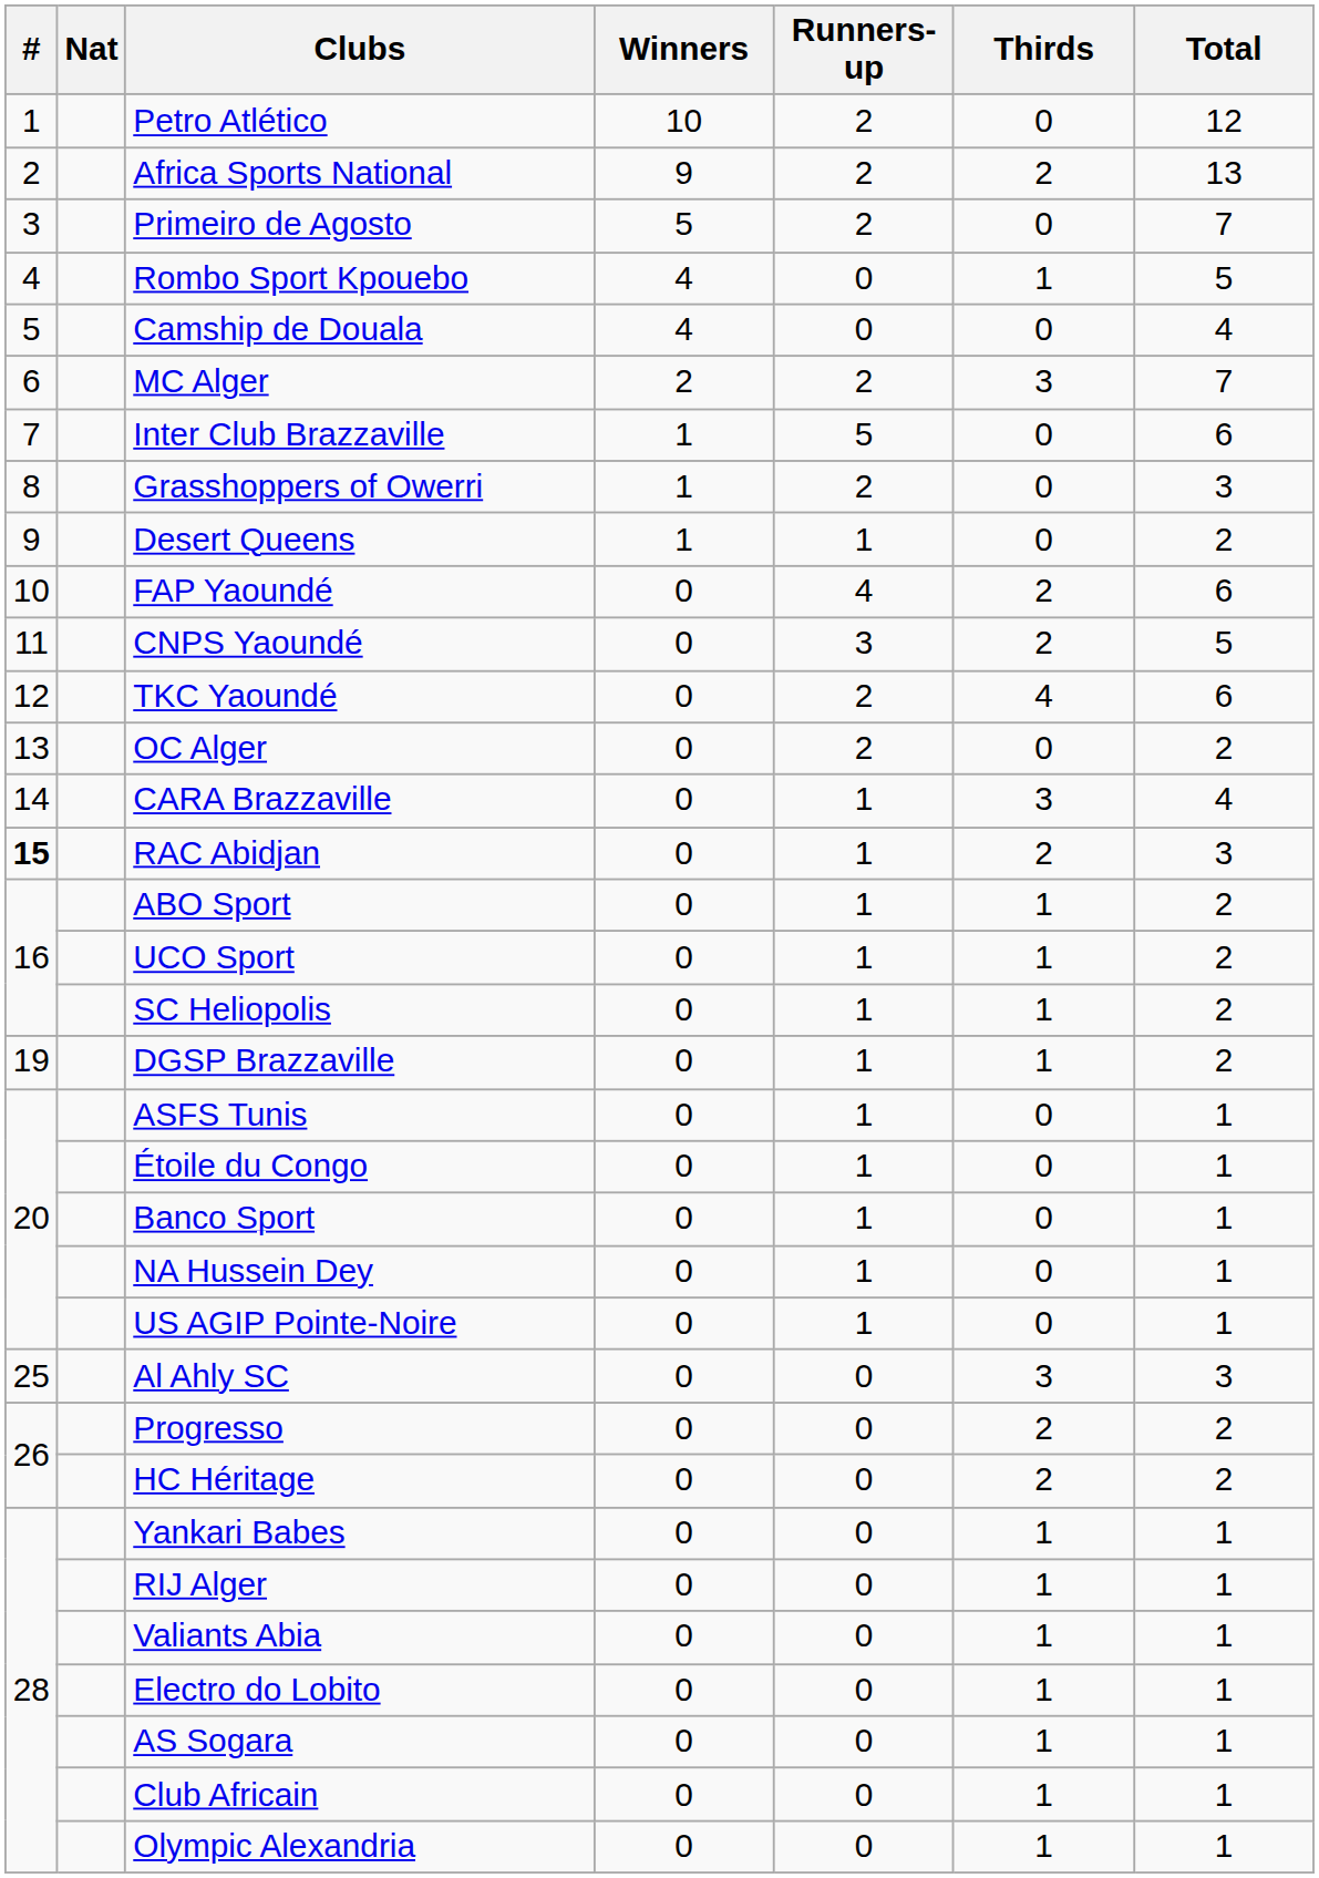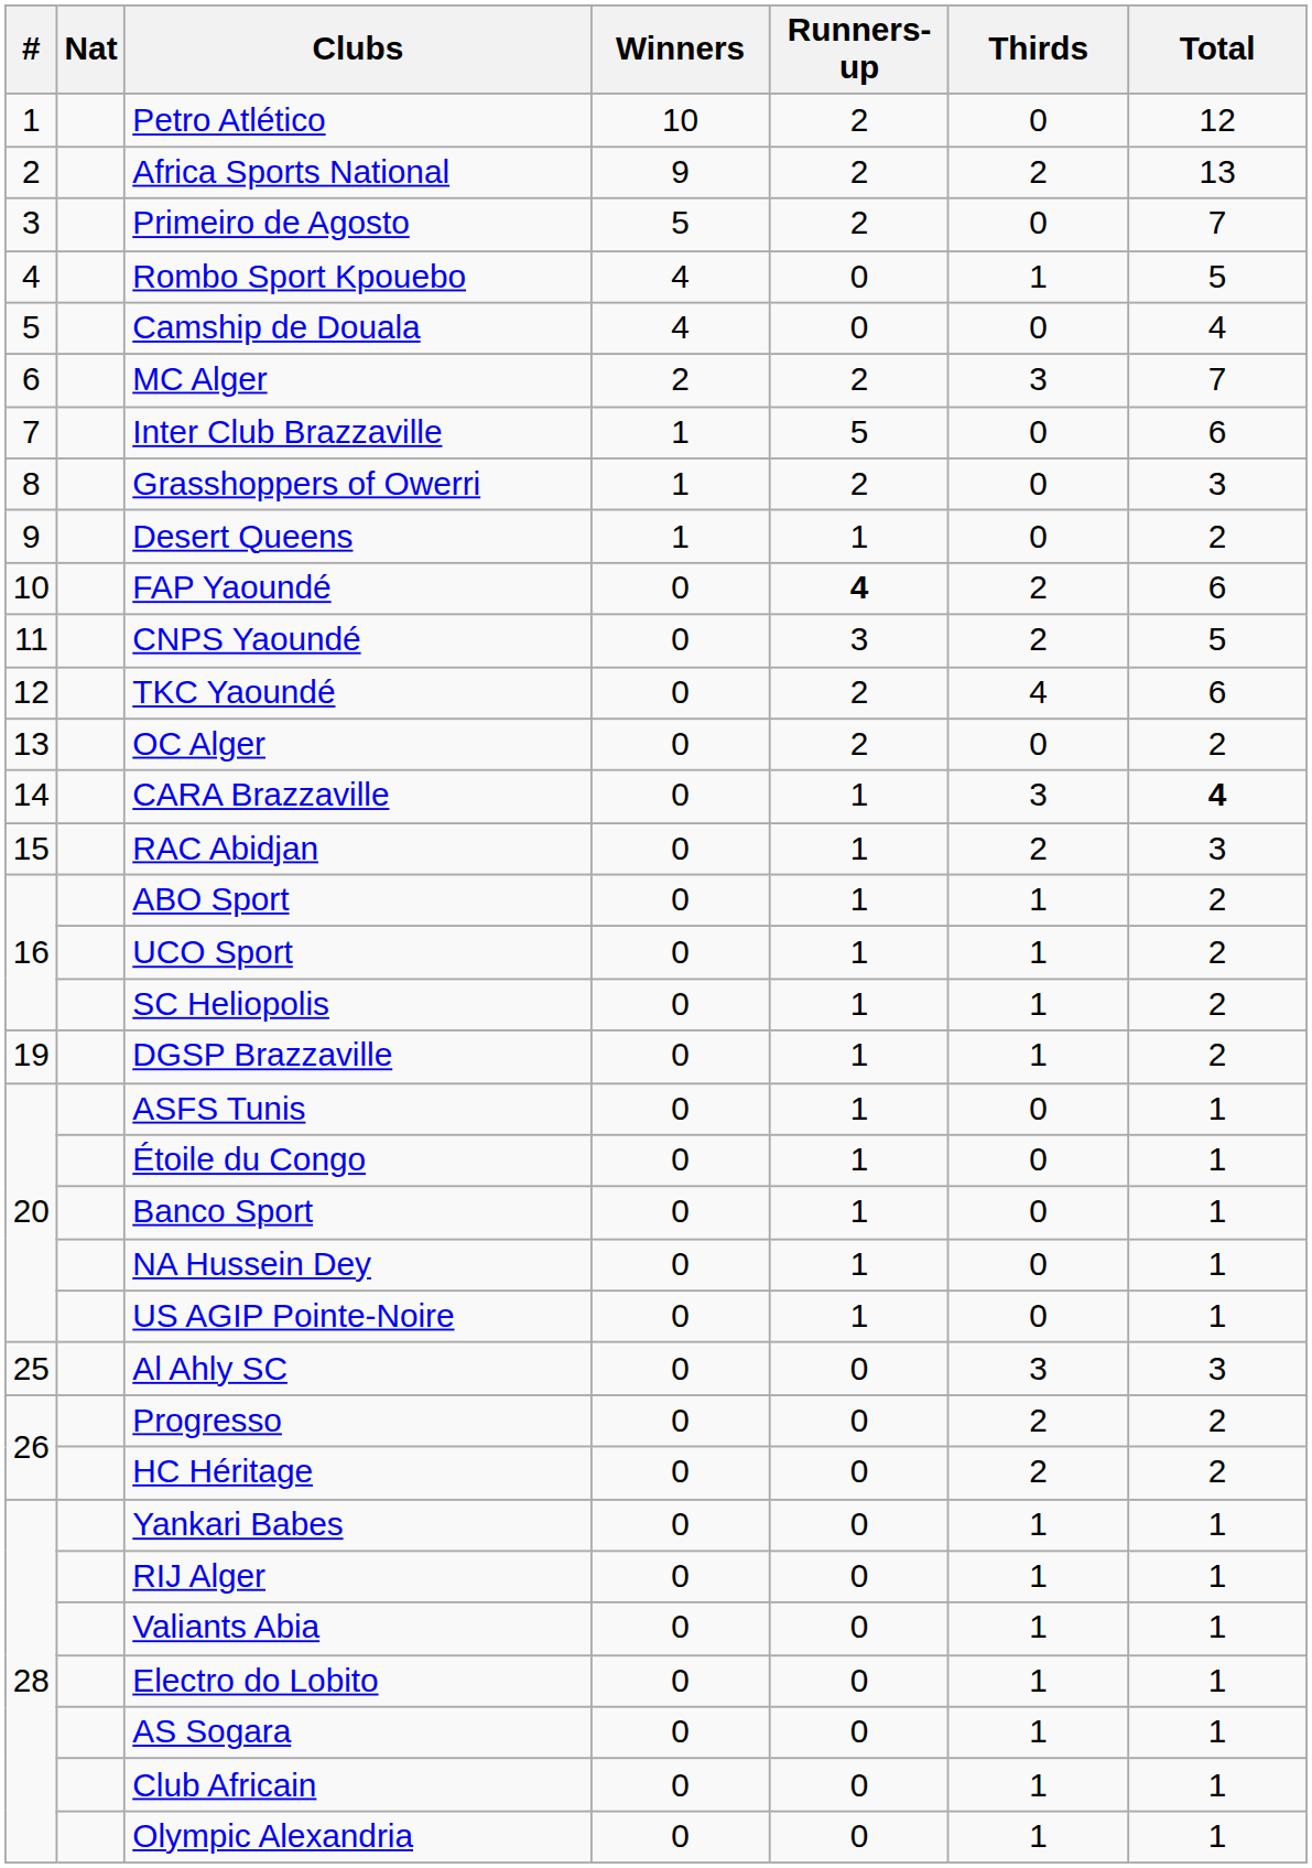 <table class="wikitable plainrowheaders sortable">
 <tr>
 <th width=10>#</th>
 <th width=20>Nat</th>
 <th width=220>Clubs</th>
 <th width=80>Winners</th>
 <th width=80>Runners-up</th>
 <th width=80>Thirds</th>
 <th width=80>Total</th>
 </tr>
 <tr>
 <td align=center>1</td>
 <td></td>
 <td><a href='#'>Petro Atlético</a></td>
 <td align=center>10</td>
 <td align=center>2</td>
 <td align=center>0</td>
 <td align=center>12</td>
 </tr>
 <tr>
 <td align=center>2</td>
 <td></td>
 <td><a href='#'>Africa Sports National</a></td>
 <td align=center>9</td>
 <td align=center>2</td>
 <td align=center>2</td>
 <td align=center>13</td>
 </tr>
 <tr>
 <td align=center>3</td>
 <td></td>
 <td><a href='#'>Primeiro de Agosto</a></td>
 <td align=center>5</td>
 <td align=center>2</td>
 <td align=center>0</td>
 <td align=center>7</td>
 </tr>
 <tr>
 <td align=center>4</td>
 <td></td>
 <td><a href='#'>Rombo Sport Kpouebo</a></td>
 <td align=center>4</td>
 <td align=center>0</td>
 <td align=center>1</td>
 <td align=center>5</td>
 </tr>
 <tr>
 <td align=center>5</td>
 <td></td>
 <td><a href='#'>Camship de Douala</a></td>
 <td align=center>4</td>
 <td align=center>0</td>
 <td align=center>0</td>
 <td align=center>4</td>
 </tr>
 <tr>
 <td align=center>6</td>
 <td></td>
 <td><a href='#'>MC Alger</a></td>
 <td align=center>2</td>
 <td align=center>2</td>
 <td align=center>3</td>
 <td align=center>7</td>
 </tr>
 <tr>
 <td align=center>7</td>
 <td></td>
 <td><a href='#'>Inter Club Brazzaville</a></td>
 <td align=center>1</td>
 <td align=center>5</td>
 <td align=center>0</td>
 <td align=center>6</td>
 </tr>
 <tr>
 <td align=center>8</td>
 <td></td>
 <td><a href='#'>Grasshoppers of Owerri</a></td>
 <td align=center>1</td>
 <td align=center>2</td>
 <td align=center>0</td>
 <td align=center>3</td>
 </tr>
 <tr>
 <td align=center>9</td>
 <td></td>
 <td><a href='#'>Desert Queens</a></td>
 <td align=center>1</td>
 <td align=center>1</td>
 <td align=center>0</td>
 <td align=center>2</td>
 </tr>
 <tr>
 <td align=center>10</td>
 <td></td>
 <td><a href='#'>FAP Yaoundé</a></td>
 <td align=center>0</td>
-<td align=center>4</td>
+<td align=center><strong>4</strong></td>
 <td align=center>2</td>
 <td align=center>6</td>
 </tr>
 <tr>
 <td align=center>11</td>
 <td></td>
 <td><a href='#'>CNPS Yaoundé</a></td>
 <td align=center>0</td>
 <td align=center>3</td>
 <td align=center>2</td>
 <td align=center>5</td>
 </tr>
 <tr>
 <td align=center>12</td>
 <td></td>
 <td><a href='#'>TKC Yaoundé</a></td>
 <td align=center>0</td>
 <td align=center>2</td>
 <td align=center>4</td>
 <td align=center>6</td>
 </tr>
 <tr>
 <td align=center>13</td>
 <td></td>
 <td><a href='#'>OC Alger</a></td>
 <td align=center>0</td>
 <td align=center>2</td>
 <td align=center>0</td>
 <td align=center>2</td>
 </tr>
 <tr>
 <td align=center>14</td>
 <td></td>
 <td><a href='#'>CARA Brazzaville</a></td>
 <td align=center>0</td>
 <td align=center>1</td>
 <td align=center>3</td>
-<td align=center>4</td>
+<td align=center><strong>4</strong></td>
 </tr>
 <tr>
-<td align=center><strong>15</strong></td>
+<td align=center>15</td>
 <td></td>
 <td><a href='#'>RAC Abidjan</a></td>
 <td align=center>0</td>
 <td align=center>1</td>
 <td align=center>2</td>
 <td align=center>3</td>
 </tr>
 <tr>
 <td align=center rowspan=3>16</td>
 <td></td>
 <td><a href='#'>ABO Sport</a></td>
 <td align=center>0</td>
 <td align=center>1</td>
 <td align=center>1</td>
 <td align=center>2</td>
 </tr>
 <tr>
 <td></td>
 <td><a href='#'>UCO Sport</a></td>
 <td align=center>0</td>
 <td align=center>1</td>
 <td align=center>1</td>
 <td align=center>2</td>
 </tr>
 <tr>
 <td></td>
 <td><a href='#'>SC Heliopolis</a></td>
 <td align=center>0</td>
 <td align=center>1</td>
 <td align=center>1</td>
 <td align=center>2</td>
 </tr>
 <tr>
 <td align=center>19</td>
 <td></td>
 <td><a href='#'>DGSP Brazzaville</a></td>
 <td align=center>0</td>
 <td align=center>1</td>
 <td align=center>1</td>
 <td align=center>2</td>
 </tr>
 <tr>
 <td align=center rowspan=5>20</td>
 <td></td>
 <td><a href='#'>ASFS Tunis</a></td>
 <td align=center>0</td>
 <td align=center>1</td>
 <td align=center>0</td>
 <td align=center>1</td>
 </tr>
 <tr>
 <td></td>
 <td><a href='#'>Étoile du Congo</a></td>
 <td align=center>0</td>
 <td align=center>1</td>
 <td align=center>0</td>
 <td align=center>1</td>
 </tr>
 <tr>
 <td></td>
 <td><a href='#'>Banco Sport</a></td>
 <td align=center>0</td>
 <td align=center>1</td>
 <td align=center>0</td>
 <td align=center>1</td>
 </tr>
 <tr>
 <td></td>
 <td><a href='#'>NA Hussein Dey</a></td>
 <td align=center>0</td>
 <td align=center>1</td>
 <td align=center>0</td>
 <td align=center>1</td>
 </tr>
 <tr>
 <td></td>
 <td><a href='#'>US AGIP Pointe-Noire</a></td>
 <td align=center>0</td>
 <td align=center>1</td>
 <td align=center>0</td>
 <td align=center>1</td>
 </tr>
 <tr>
 <td align=center>25</td>
 <td></td>
 <td><a href='#'>Al Ahly SC</a></td>
 <td align=center>0</td>
 <td align=center>0</td>
 <td align=center>3</td>
 <td align=center>3</td>
 </tr>
 <tr>
 <td align=center rowspan=2>26</td>
 <td></td>
 <td><a href='#'>Progresso</a></td>
 <td align=center>0</td>
 <td align=center>0</td>
 <td align=center>2</td>
 <td align=center>2</td>
 </tr>
 <tr>
 <td></td>
 <td><a href='#'>HC Héritage</a></td>
 <td align=center>0</td>
 <td align=center>0</td>
 <td align=center>2</td>
 <td align=center>2</td>
 </tr>
 <tr>
 <td align=center rowspan=7>28</td>
 <td></td>
 <td><a href='#'>Yankari Babes</a></td>
 <td align=center>0</td>
 <td align=center>0</td>
 <td align=center>1</td>
 <td align=center>1</td>
 </tr>
 <tr>
 <td></td>
 <td><a href='#'>RIJ Alger</a></td>
 <td align=center>0</td>
 <td align=center>0</td>
 <td align=center>1</td>
 <td align=center>1</td>
 </tr>
 <tr>
 <td></td>
 <td><a href='#'>Valiants Abia</a></td>
 <td align=center>0</td>
 <td align=center>0</td>
 <td align=center>1</td>
 <td align=center>1</td>
 </tr>
 <tr>
 <td></td>
 <td><a href='#'>Electro do Lobito</a></td>
 <td align=center>0</td>
 <td align=center>0</td>
 <td align=center>1</td>
 <td align=center>1</td>
 </tr>
 <tr>
 <td></td>
 <td><a href='#'>AS Sogara</a></td>
 <td align=center>0</td>
 <td align=center>0</td>
 <td align=center>1</td>
 <td align=center>1</td>
 </tr>
 <tr>
 <td></td>
 <td><a href='#'>Club Africain</a></td>
 <td align=center>0</td>
 <td align=center>0</td>
 <td align=center>1</td>
 <td align=center>1</td>
 </tr>
 <tr>
 <td></td>
 <td><a href='#'>Olympic Alexandria</a></td>
 <td align=center>0</td>
 <td align=center>0</td>
 <td align=center>1</td>
 <td align=center>1</td>
 </tr>
 </table>
